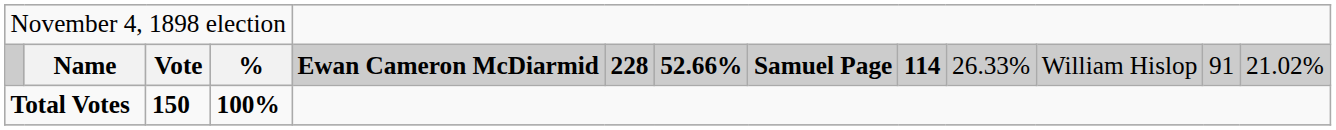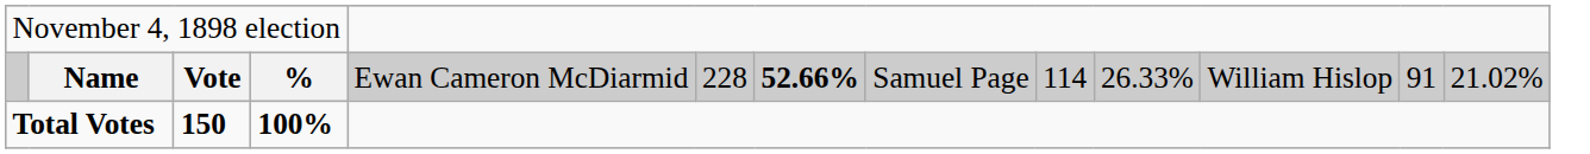 <table class="wikitable">
 <tr>
 <td colspan=4 align=center>November 4, 1898 election</td>
 </tr>
 <tr bgcolor="CCCCCC">
 <td></td>
 <th><strong>Name </strong></th>
 <th><strong>Vote</strong></th>
 <th><strong>%</strong><br></th>
-<td><strong>Ewan Cameron McDiarmid</strong></td>
-<td><strong>228</strong></td>
+<td>Ewan Cameron McDiarmid</td>
+<td>228</td>
 <td><strong>52.66%<br></strong></td>
-<td><strong>Samuel Page</strong></td>
-<td><strong>114</strong></td>
+<td>Samuel Page</td>
+<td>114</td>
 <td>26.33%<br></td>
 <td>William Hislop</td>
 <td>91</td>
 <td>21.02%</td>
 </tr>
 <tr>
 <td colspan=2><strong>Total Votes</strong></td>
 <td><strong>150</strong></td>
 <td><strong>100%</strong></td>
 </tr>
 </table>
